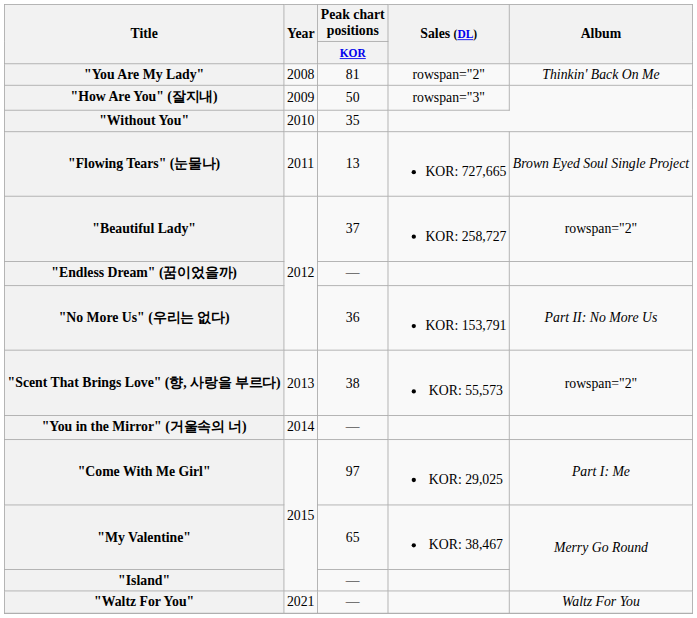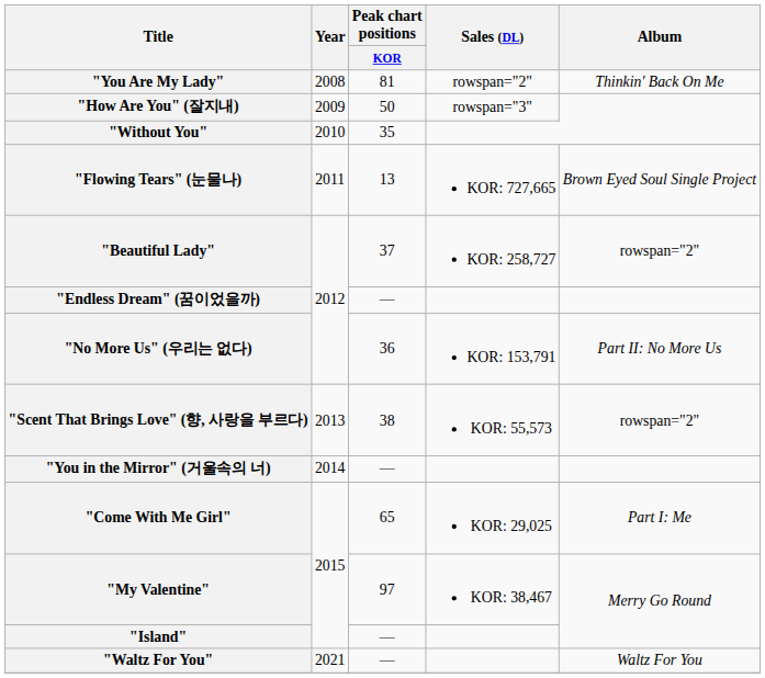 <table class="wikitable plainrowheaders" style="text-align:center;">
 <tr>
 <th scope="col" rowspan="2">Title</th>
 <th scope="col" rowspan="2">Year</th>
 <th scope="col" colspan="1">Peak chart <br> positions</th>
 <th scope="col" rowspan="2">Sales <small>(<a href='#'>DL</a>)</small></th>
 <th scope="col" rowspan="2">Album</th>
 </tr>
 <tr>
 <th><small><a href='#'>KOR</a></small><br></th>
 </tr>
 <tr>
 <th scope="row">"You Are My Lady"</th>
 <td>2008</td>
 <td>81</td>
 <td>rowspan="2" </td>
 <td><em>Thinkin' Back On Me</em></td>
 </tr>
 <tr>
 <th scope="row">"How Are You" (잘지내)</th>
 <td>2009</td>
 <td>50</td>
 <td>rowspan="3" </td>
 </tr>
 <tr>
 <th scope="row">"Without You"</th>
 <td>2010</td>
 <td>35</td>
 </tr>
 <tr>
 <th scope="row">"Flowing Tears" (눈물나)</th>
 <td>2011</td>
 <td>13</td>
 <td><br><ul><li>KOR: 727,665</li></ul></td>
 <td><em>Brown Eyed Soul Single Project</em></td>
 </tr>
 <tr>
 <th scope="row">"Beautiful Lady"</th>
 <td rowspan="3">2012</td>
 <td>37</td>
 <td><br><ul><li>KOR: 258,727</li></ul></td>
 <td>rowspan="2" </td>
 </tr>
 <tr>
 <th scope="row">"Endless Dream" (꿈이었을까)<br></th>
 <td>—</td>
 <td></td>
 </tr>
 <tr>
 <th scope="row">"No More Us" (우리는 없다)</th>
 <td>36</td>
 <td><br><ul><li>KOR: 153,791</li></ul></td>
 <td><em>Part II: No More Us</em></td>
 </tr>
 <tr>
 <th scope="row">"Scent That Brings Love" (향, 사랑을 부르다)</th>
 <td>2013</td>
 <td>38</td>
 <td><br><ul><li>KOR: 55,573</li></ul></td>
 <td>rowspan="2" </td>
 </tr>
 <tr>
 <th scope="row">"You in the Mirror" (거울속의 너)<br></th>
 <td>2014</td>
 <td>—</td>
 <td></td>
 </tr>
 <tr>
 <th scope="row">"Come With Me Girl"</th>
 <td rowspan="3">2015</td>
-<td>97</td>
+<td>65</td>
 <td><br><ul><li>KOR: 29,025</li></ul></td>
 <td><em>Part I: Me</em></td>
 </tr>
 <tr>
 <th scope="row">"My Valentine"</th>
-<td>65</td>
+<td>97</td>
 <td><br><ul><li>KOR: 38,467</li></ul></td>
 <td rowspan="2"><em>Merry Go Round</em></td>
 </tr>
 <tr>
 <th scope="row">"Island"<br></th>
 <td>—</td>
 <td></td>
 </tr>
 <tr>
 <th scope="row">"Waltz For You"</th>
 <td>2021</td>
 <td>—</td>
 <td></td>
 <td><em>Waltz For You</em></td>
 </tr>
 <tr>
 </tr>
 </table>
